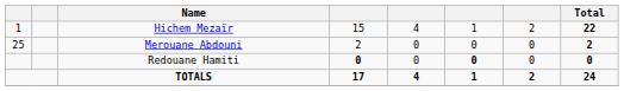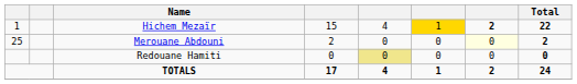 <table class="wikitable sortable alternance"  style="font-size:96%; text-align:center; line-height:14px; width:60%;">
 <tr>
 <th width=15></th>
 <th width=15></th>
 <th width=210>Name</th>
 <th width=40></th>
 <th width=40></th>
 <th width=40></th>
 <th width=40></th>
 <th width=40>Total</th>
 </tr>
 <tr>
 <td>1</td>
 <td></td>
 <td><a href='#'>Hichem Mezaïr</a></td>
 <td>15</td>
 <td>4</td>
-<td>1</td>
-<td>2</td>
+<td style="background: gold;">1</td>
+<td><strong>2</strong></td>
 <td><strong>22</strong></td>
 </tr>
 <tr>
 <td>25</td>
 <td></td>
 <td><a href='#'>Merouane Abdouni</a></td>
 <td>2</td>
 <td>0</td>
 <td>0</td>
-<td>0</td>
+<td style="background: lightyellow;">0</td>
 <td><strong>2</strong></td>
 </tr>
 <tr>
 <td></td>
 <td></td>
 <td>Redouane Hamiti</td>
-<td><strong>0</strong></td>
 <td>0</td>
-<td><strong>0</strong></td>
+<td style="background: khaki;">0</td>
+<td>0</td>
 <td>0</td>
 <td><strong>0</strong></td>
 </tr>
 <tr>
 <td colspan="2"></td>
 <td><strong>TOTALS</strong></td>
 <td><strong>17</strong></td>
 <td><strong>4</strong></td>
 <td><strong>1</strong></td>
 <td><strong>2</strong></td>
 <td><strong>24</strong></td>
 </tr>
 <tr>
 </tr>
 </table>
